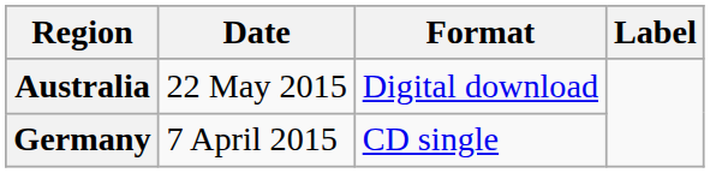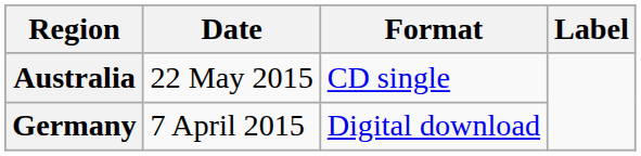 <table class="wikitable plainrowheaders">
 <tr>
 <th>Region</th>
 <th>Date</th>
 <th>Format</th>
 <th>Label</th>
 </tr>
 <tr>
 <th scope="row">Australia</th>
 <td>22 May 2015</td>
-<td><a href='#'>Digital download</a></td>
+<td><a href='#'>CD single</a></td>
 <td rowspan="2"></td>
 </tr>
 <tr>
 <th scope="row">Germany</th>
 <td>7 April 2015</td>
-<td><a href='#'>CD single</a></td>
+<td><a href='#'>Digital download</a></td>
 </tr>
 </table>
